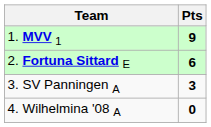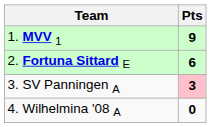 <table class="wikitable" style="text-align:center; float:left; margin-right:1em">
 <tr>
 <th style="width:200px">Team</th>
 <th width=20>Pts</th>
 </tr>
 <tr bgcolor=ccffcc>
 <td align=left>1. <strong><a href='#'>MVV</a></strong> <sub>1</sub></td>
 <td><strong>9</strong></td>
 </tr>
 <tr bgcolor=ccffcc>
 <td align=left>2. <strong><a href='#'>Fortuna Sittard</a></strong> <sub>E</sub></td>
 <td><strong>6</strong></td>
 </tr>
 <tr>
 <td align=left>3. SV Panningen <sub>A</sub></td>
-<td><strong>3</strong></td>
+<td style="background: pink;"><strong>3</strong></td>
 </tr>
 <tr>
 <td align=left>4. Wilhelmina '08 <sub>A</sub></td>
 <td><strong>0</strong></td>
 </tr>
 </table>
